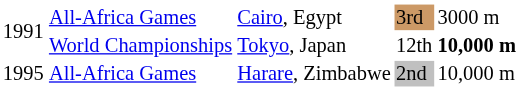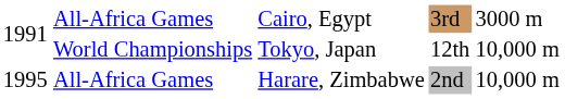 <table>
 <tr>
 <td rowspan=2>1991</td>
 <td><a href='#'>All-Africa Games</a></td>
 <td><a href='#'>Cairo</a>, Egypt</td>
 <td bgcolor="cc9966">3rd</td>
 <td>3000 m</td>
 <td></td>
 </tr>
 <tr>
 <td><a href='#'>World Championships</a></td>
 <td><a href='#'>Tokyo</a>, Japan</td>
 <td>12th</td>
-<td><strong>10,000 m</strong></td>
+<td>10,000 m</td>
 <td></td>
 </tr>
 <tr>
 <td>1995</td>
 <td><a href='#'>All-Africa Games</a></td>
 <td><a href='#'>Harare</a>, Zimbabwe</td>
 <td bgcolor="silver">2nd</td>
 <td>10,000 m</td>
 <td></td>
 </tr>
 </table>
